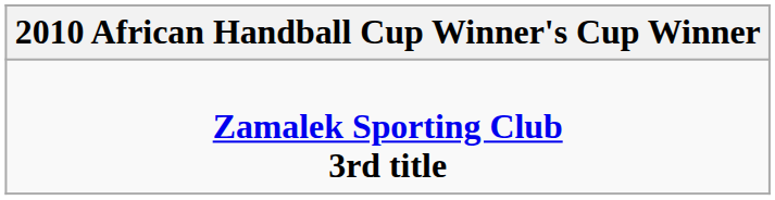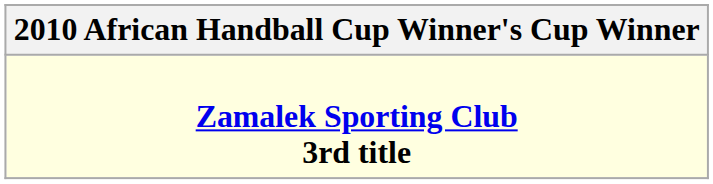 <table class=wikitable style="text-align:center; margin:auto">
 <tr>
 <th>2010 African Handball Cup Winner's Cup Winner</th>
 </tr>
 <tr>
-<td><br><strong><a href='#'>Zamalek Sporting Club</a></strong><br><strong>3rd title</strong></td>
+<td style="background: lightyellow;"><br><strong><a href='#'>Zamalek Sporting Club</a></strong><br><strong>3rd title</strong></td>
 </tr>
 </table>
